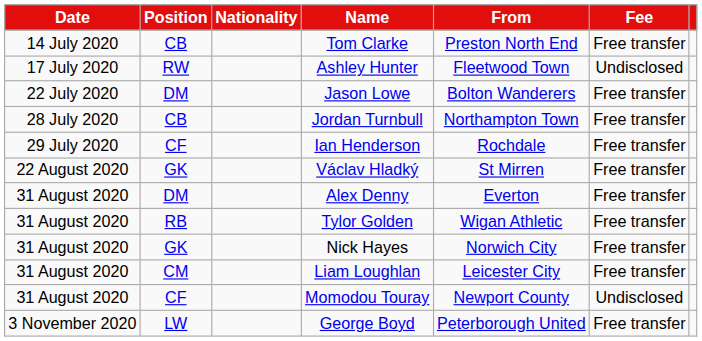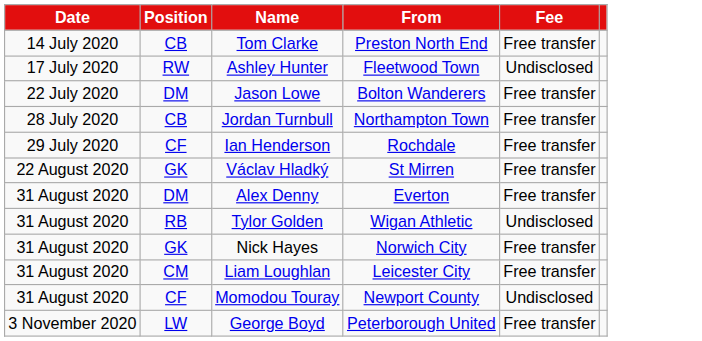 <table class="wikitable"  style="text-align:center; font-size:90%; ">
 <tr>
 <th style="background:#e20e0e; color:white; ">Date</th>
 <th style="background:#e20e0e; color:white; ">Position</th>
-<th style="background:#e20e0e; color:white; ">Nationality</th>
 <th style="background:#e20e0e; color:white; ">Name</th>
 <th style="background:#e20e0e; color:white; ">From</th>
 <th style="background:#e20e0e; color:white; ">Fee</th>
 <th style="background:#e20e0e; color:white; "></th>
 </tr>
 <tr>
 <td>14 July 2020</td>
 <td><a href='#'>CB</a></td>
-<td></td>
 <td><a href='#'>Tom Clarke</a></td>
 <td> <a href='#'>Preston North End</a></td>
 <td>Free transfer</td>
 <td></td>
 </tr>
 <tr>
 <td>17 July 2020</td>
 <td><a href='#'>RW</a></td>
-<td></td>
 <td><a href='#'>Ashley Hunter</a></td>
 <td> <a href='#'>Fleetwood Town</a></td>
 <td>Undisclosed</td>
 <td></td>
 </tr>
 <tr>
 <td>22 July 2020</td>
 <td><a href='#'>DM</a></td>
-<td></td>
 <td><a href='#'>Jason Lowe</a></td>
 <td> <a href='#'>Bolton Wanderers</a></td>
 <td>Free transfer</td>
 <td></td>
 </tr>
 <tr>
 <td>28 July 2020</td>
 <td><a href='#'>CB</a></td>
-<td></td>
 <td><a href='#'>Jordan Turnbull</a></td>
 <td> <a href='#'>Northampton Town</a></td>
 <td>Free transfer</td>
 <td></td>
 </tr>
 <tr>
 <td>29 July 2020</td>
 <td><a href='#'>CF</a></td>
-<td></td>
 <td><a href='#'>Ian Henderson</a></td>
 <td> <a href='#'>Rochdale</a></td>
 <td>Free transfer</td>
 <td></td>
 </tr>
 <tr>
 <td>22 August 2020</td>
 <td><a href='#'>GK</a></td>
-<td></td>
 <td><a href='#'>Václav Hladký</a></td>
 <td> <a href='#'>St Mirren</a></td>
 <td>Free transfer</td>
 <td></td>
 </tr>
 <tr>
 <td>31 August 2020</td>
 <td><a href='#'>DM</a></td>
-<td></td>
 <td><a href='#'>Alex Denny</a></td>
 <td> <a href='#'>Everton</a></td>
 <td>Free transfer</td>
 <td></td>
 </tr>
 <tr>
 <td>31 August 2020</td>
 <td><a href='#'>RB</a></td>
-<td></td>
 <td><a href='#'>Tylor Golden</a></td>
 <td> <a href='#'>Wigan Athletic</a></td>
-<td>Free transfer</td>
+<td>Undisclosed</td>
 <td></td>
 </tr>
 <tr>
 <td>31 August 2020</td>
 <td><a href='#'>GK</a></td>
-<td></td>
 <td>Nick Hayes</td>
 <td> <a href='#'>Norwich City</a></td>
 <td>Free transfer</td>
 <td></td>
 </tr>
 <tr>
 <td>31 August 2020</td>
 <td><a href='#'>CM</a></td>
-<td></td>
 <td><a href='#'>Liam Loughlan</a></td>
 <td> <a href='#'>Leicester City</a></td>
 <td>Free transfer</td>
 <td></td>
 </tr>
 <tr>
 <td>31 August 2020</td>
 <td><a href='#'>CF</a></td>
-<td></td>
 <td><a href='#'>Momodou Touray</a></td>
 <td> <a href='#'>Newport County</a></td>
 <td>Undisclosed</td>
 <td></td>
 </tr>
 <tr>
 <td>3 November 2020</td>
 <td><a href='#'>LW</a></td>
-<td></td>
 <td><a href='#'>George Boyd</a></td>
 <td> <a href='#'>Peterborough United</a></td>
 <td>Free transfer</td>
 <td></td>
 </tr>
 </table>
